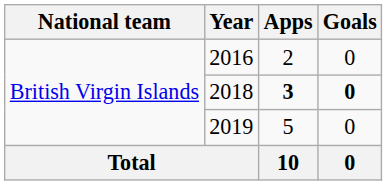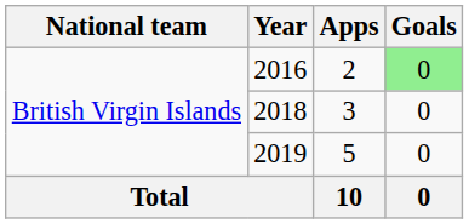 <table class="wikitable" style="text-align:center">
 <tr>
 <th>National team</th>
 <th>Year</th>
 <th>Apps</th>
 <th>Goals</th>
 </tr>
 <tr>
 <td rowspan=3><a href='#'>British Virgin Islands</a></td>
 <td>2016</td>
 <td>2</td>
-<td>0</td>
+<td style="background: lightgreen;">0</td>
 </tr>
 <tr>
 <td>2018</td>
-<td><strong>3</strong></td>
-<td><strong>0</strong></td>
+<td>3</td>
+<td>0</td>
 </tr>
 <tr>
 <td>2019</td>
 <td>5</td>
 <td>0</td>
 </tr>
 <tr>
 <th colspan=2>Total</th>
 <th>10</th>
 <th>0</th>
 </tr>
 </table>
